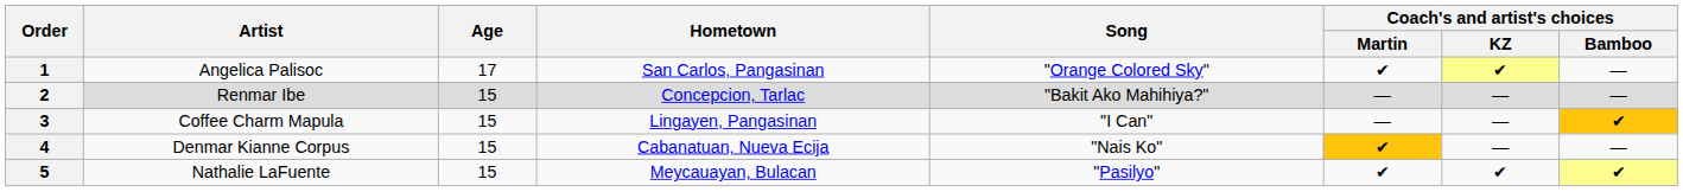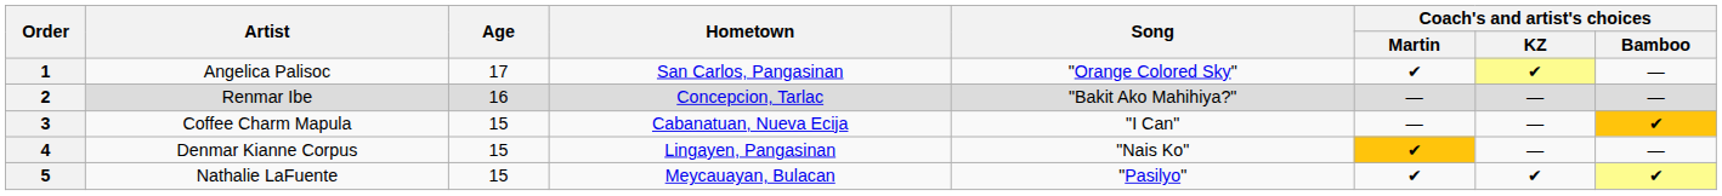 <table class="wikitable" style="text-align:center; line-height:17px; width:100%">
 <tr>
 <th scope="col" rowspan="2" style="width:04%">Order</th>
 <th scope="col" rowspan="2" style="width:18%">Artist</th>
 <th scope="col" rowspan="2" style="width:05%">Age</th>
 <th scope="col" rowspan="2" style="width:20%">Hometown</th>
 <th scope="col" rowspan="2" style="width:20%">Song</th>
 <th scope="col" colspan="3" style="width:24%">Coach's and artist's choices</th>
 </tr>
 <tr>
 <th style="width:06%">Martin</th>
 <th style="width:06%">KZ</th>
 <th style="width:06%">Bamboo</th>
 </tr>
 <tr>
 <th>1</th>
 <td>Angelica Palisoc</td>
 <td>17</td>
 <td><a href='#'>San Carlos, Pangasinan</a></td>
 <td>"<a href='#'>Orange Colored Sky</a>"</td>
 <td>✔</td>
 <td style="background:#fdfc8f;">✔</td>
 <td>—</td>
 </tr>
 <tr style="background:#DCDCDC; |">
 <th>2</th>
 <td>Renmar Ibe</td>
-<td>15</td>
+<td>16</td>
 <td><a href='#'>Concepcion, Tarlac</a></td>
 <td>"Bakit Ako Mahihiya?"</td>
 <td>—</td>
 <td>—</td>
 <td>—</td>
 </tr>
 <tr>
 <th>3</th>
 <td>Coffee Charm Mapula</td>
 <td>15</td>
-<td><a href='#'>Lingayen, Pangasinan</a></td>
+<td><a href='#'>Cabanatuan, Nueva Ecija</a></td>
 <td>"I Can"</td>
 <td>—</td>
 <td>—</td>
 <td style="background:#FFC40C;">✔</td>
 </tr>
 <tr>
 <th>4</th>
 <td>Denmar Kianne Corpus</td>
 <td>15</td>
-<td><a href='#'>Cabanatuan, Nueva Ecija</a></td>
+<td><a href='#'>Lingayen, Pangasinan</a></td>
 <td>"Nais Ko"</td>
 <td style="background:#FFC40C;">✔</td>
 <td>—</td>
 <td>—</td>
 </tr>
 <tr>
 <th>5</th>
 <td>Nathalie LaFuente</td>
 <td>15</td>
 <td><a href='#'>Meycauayan, Bulacan</a></td>
 <td>"<a href='#'>Pasilyo</a>"</td>
 <td>✔</td>
 <td>✔</td>
 <td style="background:#fdfc8f;">✔</td>
 </tr>
 </table>
